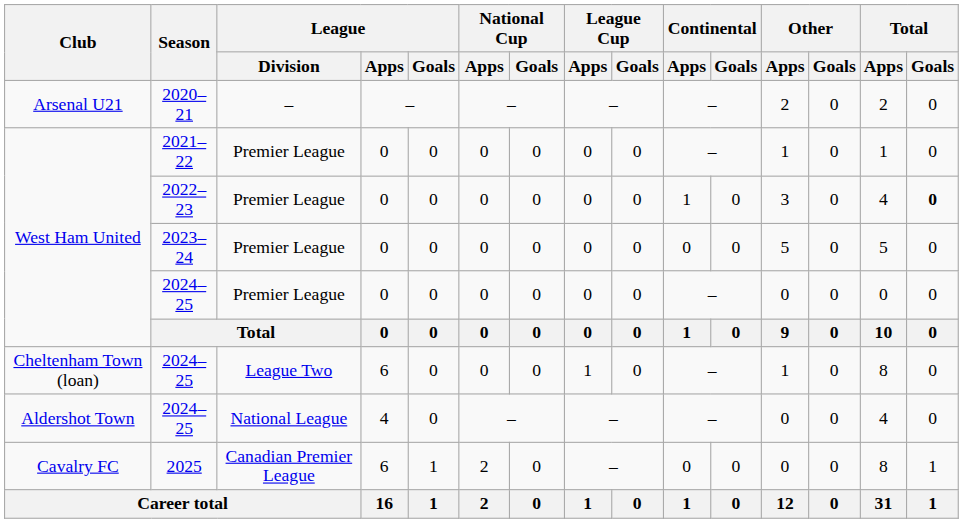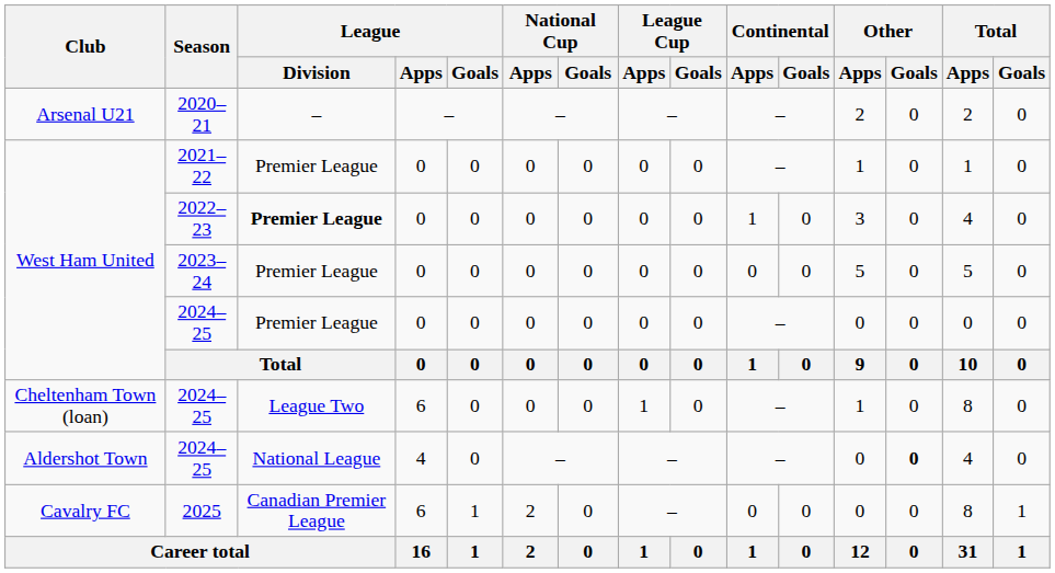 <table class="wikitable" style="text-align: center">
 <tr>
 <th rowspan="2">Club</th>
 <th rowspan="2">Season</th>
 <th colspan="3">League</th>
 <th colspan="2">National Cup</th>
 <th colspan="2">League Cup</th>
 <th colspan="2">Continental</th>
 <th colspan="2">Other</th>
 <th colspan="2">Total</th>
 </tr>
 <tr>
 <th>Division</th>
 <th>Apps</th>
 <th>Goals</th>
 <th>Apps</th>
 <th>Goals</th>
 <th>Apps</th>
 <th>Goals</th>
 <th>Apps</th>
 <th>Goals</th>
 <th>Apps</th>
 <th>Goals</th>
 <th>Apps</th>
 <th>Goals</th>
 </tr>
 <tr>
 <td><a href='#'>Arsenal U21</a></td>
 <td><a href='#'>2020–21</a></td>
 <td>–</td>
 <td colspan="2">–</td>
 <td colspan="2">–</td>
 <td colspan="2">–</td>
 <td colspan="2">–</td>
 <td>2</td>
 <td>0</td>
 <td>2</td>
 <td>0</td>
 </tr>
 <tr>
 <td rowspan="5"><a href='#'>West Ham United</a></td>
 <td><a href='#'>2021–22</a></td>
 <td>Premier League</td>
 <td>0</td>
 <td>0</td>
 <td>0</td>
 <td>0</td>
 <td>0</td>
 <td>0</td>
 <td colspan="2">–</td>
 <td>1</td>
 <td>0</td>
 <td>1</td>
 <td>0</td>
 </tr>
 <tr>
 <td><a href='#'>2022–23</a></td>
-<td>Premier League</td>
+<td><strong>Premier League</strong></td>
 <td>0</td>
 <td>0</td>
 <td>0</td>
 <td>0</td>
 <td>0</td>
 <td>0</td>
 <td>1</td>
 <td>0</td>
 <td>3</td>
 <td>0</td>
 <td>4</td>
-<td><strong>0</strong></td>
+<td>0</td>
 </tr>
 <tr>
 <td><a href='#'>2023–24</a></td>
 <td>Premier League</td>
 <td>0</td>
 <td>0</td>
 <td>0</td>
 <td>0</td>
 <td>0</td>
 <td>0</td>
 <td>0</td>
 <td>0</td>
 <td>5</td>
 <td>0</td>
 <td>5</td>
 <td>0</td>
 </tr>
 <tr>
 <td><a href='#'>2024–25</a></td>
 <td>Premier League</td>
 <td>0</td>
 <td>0</td>
 <td>0</td>
 <td>0</td>
 <td>0</td>
 <td>0</td>
 <td colspan="2">–</td>
 <td>0</td>
 <td>0</td>
 <td>0</td>
 <td>0</td>
 </tr>
 <tr>
 <th colspan="2">Total</th>
 <th>0</th>
 <th>0</th>
 <th>0</th>
 <th>0</th>
 <th>0</th>
 <th>0</th>
 <th>1</th>
 <th>0</th>
 <th>9</th>
 <th>0</th>
 <th>10</th>
 <th>0</th>
 </tr>
 <tr>
 <td><a href='#'>Cheltenham Town</a> (loan)</td>
 <td><a href='#'>2024–25</a></td>
 <td><a href='#'>League Two</a></td>
 <td>6</td>
 <td>0</td>
 <td>0</td>
 <td>0</td>
 <td>1</td>
 <td>0</td>
 <td colspan="2">–</td>
 <td>1</td>
 <td>0</td>
 <td>8</td>
 <td>0</td>
 </tr>
 <tr>
 <td><a href='#'>Aldershot Town</a></td>
 <td><a href='#'>2024–25</a></td>
 <td><a href='#'>National League</a></td>
 <td>4</td>
 <td>0</td>
 <td colspan="2">–</td>
 <td colspan="2">–</td>
 <td colspan="2">–</td>
 <td>0</td>
-<td>0</td>
+<td><strong>0</strong></td>
 <td>4</td>
 <td>0</td>
 </tr>
 <tr>
 <td><a href='#'>Cavalry FC</a></td>
 <td><a href='#'>2025</a></td>
 <td><a href='#'>Canadian Premier League</a></td>
 <td>6</td>
 <td>1</td>
 <td>2</td>
 <td>0</td>
 <td colspan="2">–</td>
 <td>0</td>
 <td>0</td>
 <td>0</td>
 <td>0</td>
 <td>8</td>
 <td>1</td>
 </tr>
 <tr>
 <th colspan="3">Career total</th>
 <th>16</th>
 <th>1</th>
 <th>2</th>
 <th>0</th>
 <th>1</th>
 <th>0</th>
 <th>1</th>
 <th>0</th>
 <th>12</th>
 <th>0</th>
 <th>31</th>
 <th>1</th>
 </tr>
 </table>
